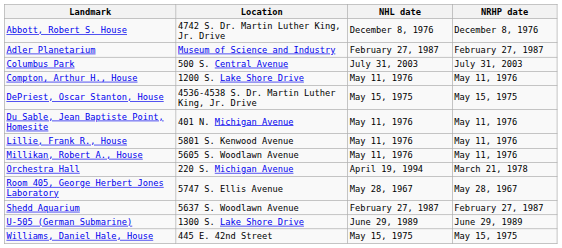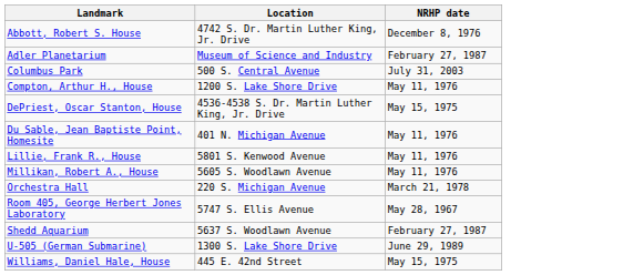 <table class="wikitable">
 <tr>
 <th style="width:250px;">Landmark</th>
 <th style="width:250px;">Location</th>
-<th width="150">NHL date</th>
 <th width="150">NRHP date</th>
 </tr>
 <tr>
 <td><a href='#'>Abbott, Robert S. House</a></td>
 <td>4742 S. Dr. Martin Luther King, Jr. Drive</td>
 <td>December 8, 1976</td>
-<td>December 8, 1976</td>
 </tr>
 <tr>
 <td><a href='#'>Adler Planetarium</a></td>
 <td><a href='#'>Museum of Science and Industry</a></td>
-<td>February 27, 1987</td>
 <td>February 27, 1987</td>
 </tr>
 <tr>
 <td><a href='#'>Columbus Park</a></td>
 <td>500 S. <a href='#'>Central Avenue</a></td>
 <td>July 31, 2003</td>
-<td>July 31, 2003</td>
 </tr>
 <tr>
 <td><a href='#'>Compton, Arthur H., House</a></td>
 <td>1200 S. <a href='#'>Lake Shore Drive</a></td>
-<td>May 11, 1976</td>
 <td>May 11, 1976</td>
 </tr>
 <tr>
 <td><a href='#'>DePriest, Oscar Stanton, House</a></td>
 <td>4536-4538 S. Dr. Martin Luther King, Jr. Drive</td>
 <td>May 15, 1975</td>
-<td>May 15, 1975</td>
 </tr>
 <tr>
 <td><a href='#'>Du Sable, Jean Baptiste Point, Homesite</a></td>
 <td>401 N. <a href='#'>Michigan Avenue</a></td>
-<td>May 11, 1976</td>
 <td>May 11, 1976</td>
 </tr>
 <tr>
 <td><a href='#'>Lillie, Frank R., House</a></td>
 <td>5801 S. Kenwood Avenue</td>
 <td>May 11, 1976</td>
-<td>May 11, 1976</td>
 </tr>
 <tr>
 <td><a href='#'>Millikan, Robert A., House</a></td>
 <td>5605 S. Woodlawn Avenue</td>
 <td>May 11, 1976</td>
-<td>May 11, 1976</td>
 </tr>
 <tr>
 <td><a href='#'>Orchestra Hall</a></td>
 <td>220 S. <a href='#'>Michigan Avenue</a></td>
-<td>April 19, 1994</td>
 <td>March 21, 1978</td>
 </tr>
 <tr>
 <td><a href='#'>Room 405, George Herbert Jones Laboratory</a></td>
 <td>5747 S. Ellis Avenue</td>
 <td>May 28, 1967</td>
-<td>May 28, 1967</td>
 </tr>
 <tr>
 <td><a href='#'>Shedd Aquarium</a></td>
 <td>5637 S. Woodlawn Avenue</td>
-<td>February 27, 1987</td>
 <td>February 27, 1987</td>
 </tr>
 <tr>
 <td><a href='#'>U-505 (German Submarine)</a></td>
 <td>1300 S. <a href='#'>Lake Shore Drive</a></td>
 <td>June 29, 1989</td>
-<td>June 29, 1989</td>
 </tr>
 <tr>
 <td><a href='#'>Williams, Daniel Hale, House</a></td>
 <td>445 E. 42nd Street</td>
 <td>May 15, 1975</td>
-<td>May 15, 1975</td>
 </tr>
 </table>
